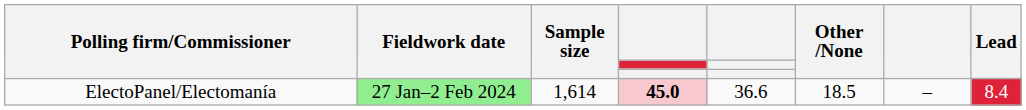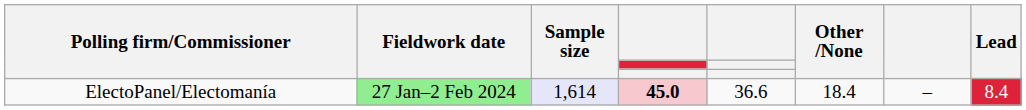 <table class="wikitable collapsible collapsed" style="text-align:center; font-size:90%; line-height:14px;">
 <tr style="height:42px;">
 <th style="width:260px;" rowspan="3">Polling firm/Commissioner</th>
 <th style="width:125px;" rowspan="3">Fieldwork date</th>
 <th style="width:60px;" rowspan="3">Sample size</th>
 <th style="width:60px;"></th>
 <th style="width:60px;"></th>
 <th style="width:60px;" rowspan="3">Other<br>/None</th>
 <th style="width:60px;" rowspan="3"></th>
 <th style="width:30px;" rowspan="3">Lead</th>
 </tr>
 <tr>
 <th style="color:inherit;background:#DD2239;"></th>
 <th style="color:inherit;background:"></th>
 </tr>
 <tr>
 <th></th>
 <th></th>
 </tr>
 <tr>
 <td>ElectoPanel/Electomanía</td>
 <td style="background: lightgreen;">27 Jan–2 Feb 2024</td>
-<td>1,614</td>
+<td style="background: lavender;">1,614</td>
 <td style="color:inherit;background:#F7C8CE;"><strong>45.0</strong></td>
 <td>36.6</td>
-<td>18.5</td>
+<td>18.4</td>
 <td>–</td>
 <td style="color:inherit;background:#DD2239; color:white;">8.4</td>
 </tr>
 </table>
